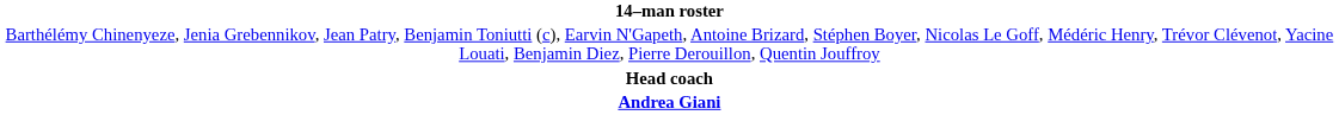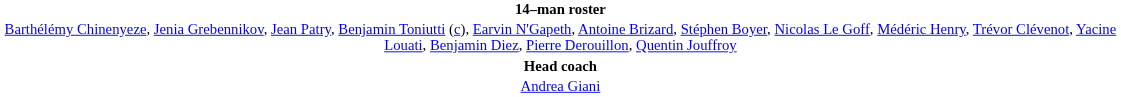 <table style="text-align:center; margin-top:2em; margin-left:auto; margin-right:auto">
 <tr>
 <td><strong>14–man roster</strong></td>
 </tr>
 <tr>
 <td><a href='#'>Barthélémy Chinenyeze</a>, <a href='#'>Jenia Grebennikov</a>, <a href='#'>Jean Patry</a>, <a href='#'>Benjamin Toniutti</a> (<a href='#'>c</a>), <a href='#'>Earvin N'Gapeth</a>, <a href='#'>Antoine Brizard</a>, <a href='#'>Stéphen Boyer</a>, <a href='#'>Nicolas Le Goff</a>, <a href='#'>Médéric Henry</a>, <a href='#'>Trévor Clévenot</a>, <a href='#'>Yacine Louati</a>, <a href='#'>Benjamin Diez</a>, <a href='#'>Pierre Derouillon</a>, <a href='#'>Quentin Jouffroy</a></td>
 </tr>
 <tr>
 <td><strong>Head coach</strong></td>
 </tr>
 <tr>
-<td><strong><a href='#'>Andrea Giani</a></strong></td>
+<td><a href='#'>Andrea Giani</a></td>
 </tr>
 </table>
